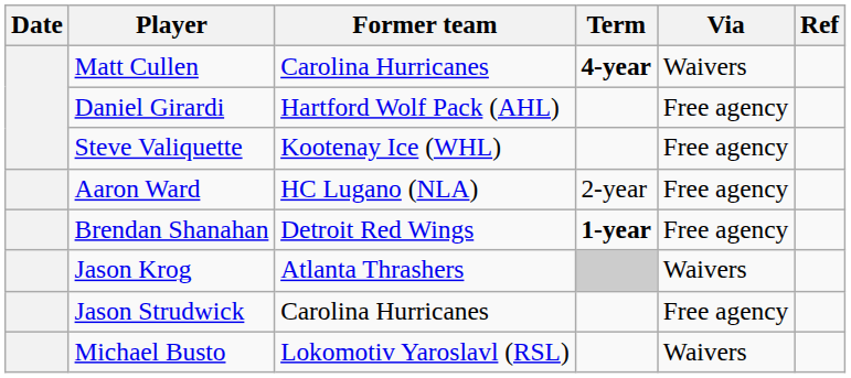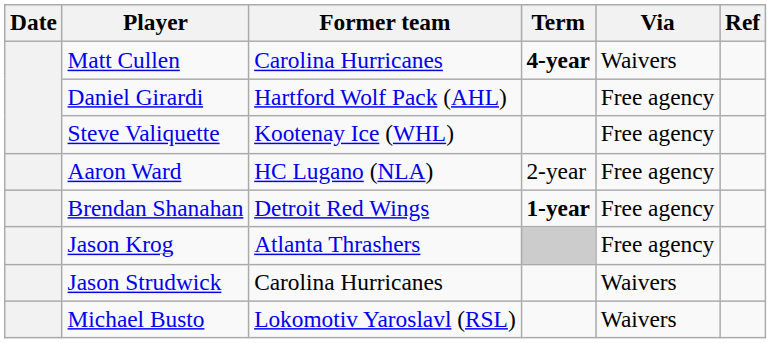 <table class="wikitable plainrowheaders">
 <tr style="background:#ddd; text-align:center;">
 <th>Date</th>
 <th>Player</th>
 <th>Former team</th>
 <th>Term</th>
 <th>Via</th>
 <th>Ref</th>
 </tr>
 <tr>
 <th scope="row" rowspan=3></th>
 <td><a href='#'>Matt Cullen</a></td>
 <td><a href='#'>Carolina Hurricanes</a></td>
 <td><strong>4-year</strong></td>
 <td>Waivers</td>
 <td></td>
 </tr>
 <tr>
 <td><a href='#'>Daniel Girardi</a></td>
 <td><a href='#'>Hartford Wolf Pack</a> (<a href='#'>AHL</a>)</td>
 <td></td>
 <td>Free agency</td>
 <td></td>
 </tr>
 <tr>
 <td><a href='#'>Steve Valiquette</a></td>
 <td><a href='#'>Kootenay Ice</a> (<a href='#'>WHL</a>)</td>
 <td></td>
 <td>Free agency</td>
 <td></td>
 </tr>
 <tr>
 <th scope="row"></th>
 <td><a href='#'>Aaron Ward</a></td>
 <td><a href='#'>HC Lugano</a> (<a href='#'>NLA</a>)</td>
 <td>2-year</td>
 <td>Free agency</td>
 <td></td>
 </tr>
 <tr>
 <th scope="row"></th>
 <td><a href='#'>Brendan Shanahan</a></td>
 <td><a href='#'>Detroit Red Wings</a></td>
 <td><strong>1-year</strong></td>
 <td>Free agency</td>
 <td></td>
 </tr>
 <tr>
 <th scope="row"></th>
 <td><a href='#'>Jason Krog</a></td>
 <td><a href='#'>Atlanta Thrashers</a></td>
 <td style="background:#ccc"></td>
-<td>Waivers</td>
+<td>Free agency</td>
 <td></td>
 </tr>
 <tr>
 <th scope="row"></th>
 <td><a href='#'>Jason Strudwick</a></td>
 <td>Carolina Hurricanes</td>
 <td></td>
-<td>Free agency</td>
+<td>Waivers</td>
 <td></td>
 </tr>
 <tr>
 <th scope="row"></th>
 <td><a href='#'>Michael Busto</a></td>
 <td><a href='#'>Lokomotiv Yaroslavl</a> (<a href='#'>RSL</a>)</td>
 <td></td>
 <td>Waivers</td>
 <td></td>
 </tr>
 </table>
